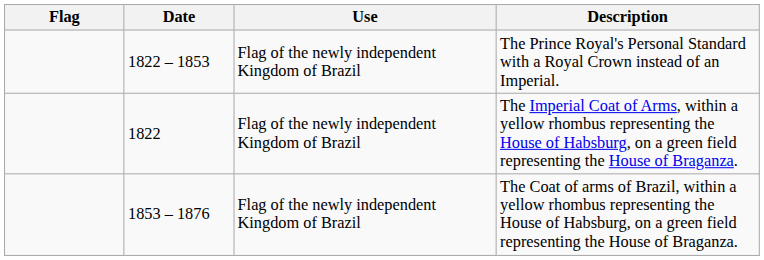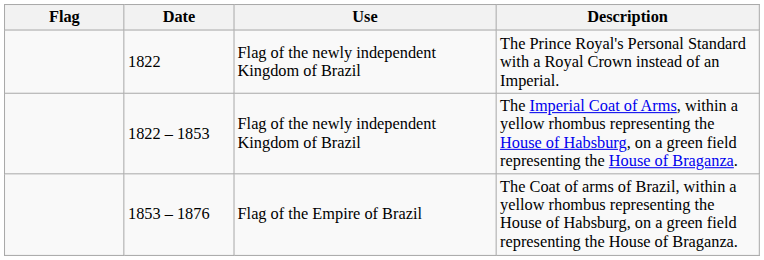 <table class="wikitable">
 <tr>
 <th style="width:110px;">Flag</th>
 <th style="width:100px;">Date</th>
 <th style="width:250px;">Use</th>
 <th style="width:250px;">Description</th>
 </tr>
 <tr>
 <td></td>
-<td>1822 – 1853</td>
+<td>1822</td>
 <td>Flag of the newly independent Kingdom of Brazil</td>
 <td>The Prince Royal's Personal Standard with a Royal Crown instead of an Imperial.</td>
 </tr>
 <tr>
 <td></td>
-<td>1822</td>
+<td>1822 – 1853</td>
 <td>Flag of the newly independent Kingdom of Brazil</td>
 <td>The <a href='#'>Imperial Coat of Arms</a>, within a yellow rhombus representing the <a href='#'>House of Habsburg</a>, on a green field representing the <a href='#'>House of Braganza</a>.</td>
 </tr>
 <tr>
 <td></td>
 <td>1853 – 1876</td>
-<td>Flag of the newly independent Kingdom of Brazil</td>
+<td>Flag of the Empire of Brazil</td>
 <td>The Coat of arms of Brazil, within a yellow rhombus representing the House of Habsburg, on a green field representing the House of Braganza.</td>
 </tr>
 </table>
